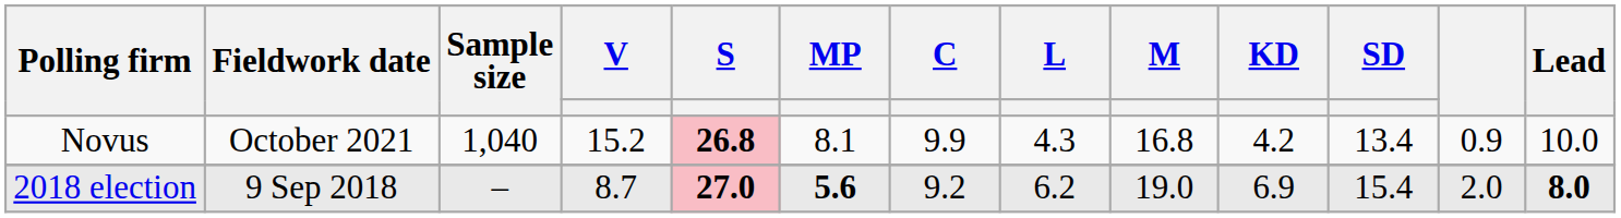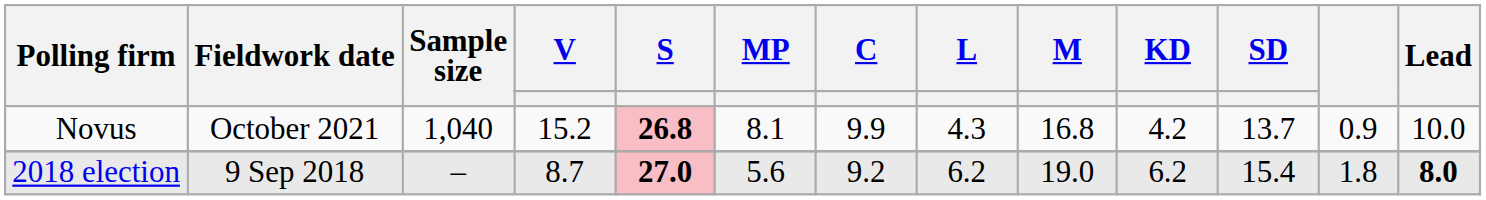 <table class="wikitable sortable" style="text-align:center;font-size:90%;line-height:14px;">
 <tr style="height:40px;">
 <th rowspan="2">Polling firm</th>
 <th rowspan="2">Fieldwork date</th>
 <th rowspan="2">Sample<br>size</th>
 <th class="sortable" style="width:40px;"><a href='#'>V</a></th>
 <th class="sortable" style="width:40px;"><a href='#'>S</a></th>
 <th class="sortable" style="width:40px;"><a href='#'>MP</a></th>
 <th class="sortable" style="width:40px;"><a href='#'>C</a></th>
 <th class="sortable" style="width:40px;"><a href='#'>L</a></th>
 <th class="sortable" style="width:40px;"><a href='#'>M</a></th>
 <th class="sortable" style="width:40px;"><a href='#'>KD</a></th>
 <th class="sortable" style="width:40px;"><a href='#'>SD</a></th>
 <th class="sortable" style="width:30px;" rowspan="2"></th>
 <th style="width:30px;" rowspan="2">Lead</th>
 </tr>
 <tr>
 <th style="background:"></th>
 <th style="background:"></th>
 <th style="background:"></th>
 <th style="background:"></th>
 <th style="background:"></th>
 <th style="background:"></th>
 <th style="background:"></th>
 <th style="background:"></th>
 </tr>
 <tr>
 <td>Novus</td>
 <td>October 2021</td>
 <td>1,040</td>
 <td>15.2</td>
 <td style="background:#F9BDC5;"><strong>26.8</strong></td>
 <td>8.1</td>
 <td>9.9</td>
 <td>4.3</td>
 <td>16.8</td>
 <td>4.2</td>
-<td>13.4</td>
+<td>13.7</td>
 <td>0.9</td>
 <td style="background:">10.0</td>
 </tr>
 <tr>
 </tr>
 <tr style="background:#E9E9E9;">
 <td><a href='#'>2018 election</a></td>
 <td data-sort-value="2018-09-09">9 Sep 2018</td>
 <td>–</td>
 <td>8.7</td>
 <td style="background:#F9BDC5;"><strong>27.0</strong></td>
-<td><strong>5.6</strong></td>
+<td>5.6</td>
 <td>9.2</td>
 <td>6.2</td>
 <td>19.0</td>
-<td>6.9</td>
+<td>6.2</td>
 <td>15.4</td>
-<td>2.0</td>
+<td>1.8</td>
 <td style="background:"><strong>8.0</strong></td>
 </tr>
 </table>
